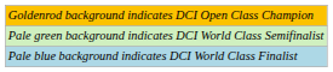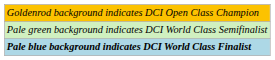 <table class="wikitable" style="font-size:95%;">
 <tr>
 <td style="background-color:#fcc200"><em>Goldenrod background indicates DCI Open Class Champion</em></td>
 </tr>
 <tr>
 <td style="background-color:#d0f0c0"><em>Pale green background indicates DCI World Class Semifinalist</em></td>
 </tr>
 <tr>
-<td style="background-color:#add8e6"><em>Pale blue background indicates DCI World Class Finalist</em></td>
+<td style="background-color:#add8e6"><strong><em>Pale blue background indicates DCI World Class Finalist</em></strong></td>
 </tr>
 </table>
